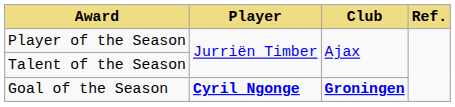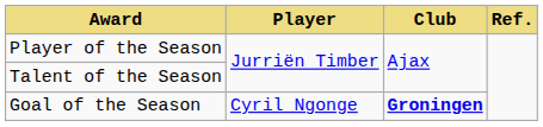 <table class="wikitable">
 <tr>
 <th style="background-color: #eedd82">Award</th>
 <th style="background-color: #eedd82">Player</th>
 <th style="background-color: #eedd82">Club</th>
 <th style="background-color: #eedd82">Ref.</th>
 </tr>
 <tr>
 <td>Player of the Season</td>
 <td rowspan="2"> <a href='#'>Jurriën Timber</a></td>
 <td rowspan="2"><a href='#'>Ajax</a></td>
 <td rowspan="3"></td>
 </tr>
 <tr>
 <td>Talent of the Season</td>
 </tr>
 <tr>
 <td>Goal of the Season</td>
-<td><strong> <a href='#'>Cyril Ngonge</a></strong></td>
+<td> <a href='#'>Cyril Ngonge</a></td>
 <td><strong><a href='#'>Groningen</a></strong></td>
 </tr>
 </table>
